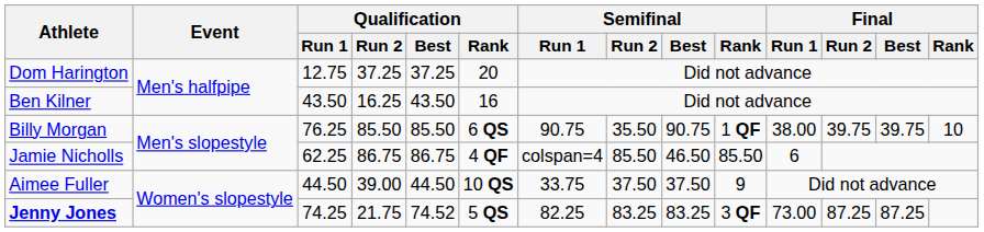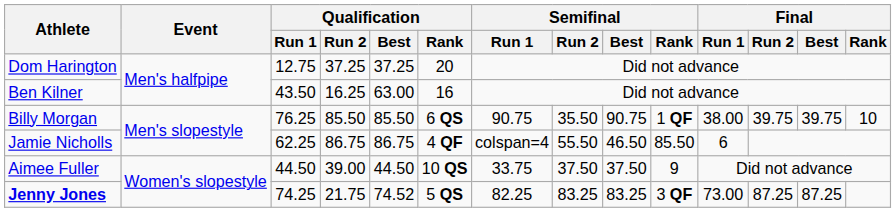 <table class="wikitable" style="font-size:90%">
 <tr>
 <th rowspan="2">Athlete</th>
 <th rowspan="2">Event</th>
 <th colspan="4">Qualification</th>
 <th colspan="4">Semifinal</th>
 <th colspan="4">Final</th>
 </tr>
 <tr style="font-size:95%">
 <th>Run 1</th>
 <th>Run 2</th>
 <th>Best</th>
 <th>Rank</th>
 <th>Run 1</th>
 <th>Run 2</th>
 <th>Best</th>
 <th>Rank</th>
 <th>Run 1</th>
 <th>Run 2</th>
 <th>Best</th>
 <th>Rank</th>
 </tr>
 <tr align=center>
 <td align=left><a href='#'>Dom Harington</a></td>
 <td style="text-align:left;" rowspan="2"><a href='#'>Men's halfpipe</a></td>
 <td>12.75</td>
 <td>37.25</td>
 <td>37.25</td>
 <td>20</td>
 <td colspan=8>Did not advance</td>
 </tr>
 <tr align=center>
 <td align=left><a href='#'>Ben Kilner</a></td>
 <td>43.50</td>
 <td>16.25</td>
-<td>43.50</td>
+<td>63.00</td>
 <td>16</td>
 <td colspan=8>Did not advance</td>
 </tr>
 <tr align=center>
 <td align=left><a href='#'>Billy Morgan</a></td>
 <td style="text-align:left;" rowspan="2"><a href='#'>Men's slopestyle</a></td>
 <td>76.25</td>
 <td>85.50</td>
 <td>85.50</td>
 <td>6 <strong>QS</strong></td>
 <td>90.75</td>
 <td>35.50</td>
 <td>90.75</td>
 <td>1 <strong>QF</strong></td>
 <td>38.00</td>
 <td>39.75</td>
 <td>39.75</td>
 <td>10</td>
 </tr>
 <tr align=center>
 <td align=left><a href='#'>Jamie Nicholls</a></td>
 <td>62.25</td>
 <td>86.75</td>
 <td>86.75</td>
 <td>4 <strong>QF</strong></td>
 <td>colspan=4 </td>
-<td>85.50</td>
+<td>55.50</td>
 <td>46.50</td>
 <td>85.50</td>
 <td>6</td>
 </tr>
 <tr align=center>
 <td align=left><a href='#'>Aimee Fuller</a></td>
 <td style="text-align:left;" rowspan="2"><a href='#'>Women's slopestyle</a></td>
 <td>44.50</td>
 <td>39.00</td>
 <td>44.50</td>
 <td>10 <strong>QS</strong></td>
 <td>33.75</td>
 <td>37.50</td>
 <td>37.50</td>
 <td>9</td>
 <td colspan=4>Did not advance</td>
 </tr>
 <tr align=center>
 <td align=left><strong><a href='#'>Jenny Jones</a></strong></td>
 <td>74.25</td>
 <td>21.75</td>
 <td>74.52</td>
 <td>5 <strong>QS</strong></td>
 <td>82.25</td>
 <td>83.25</td>
 <td>83.25</td>
 <td>3 <strong>QF</strong></td>
 <td>73.00</td>
 <td>87.25</td>
 <td>87.25</td>
 <td></td>
 </tr>
 </table>
